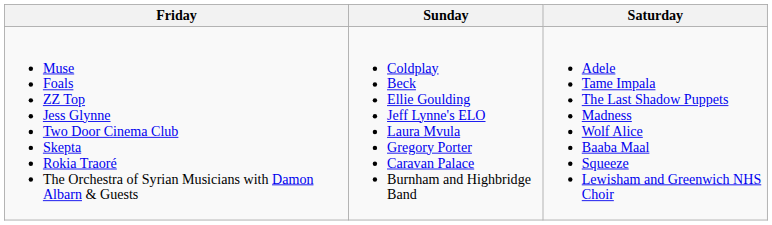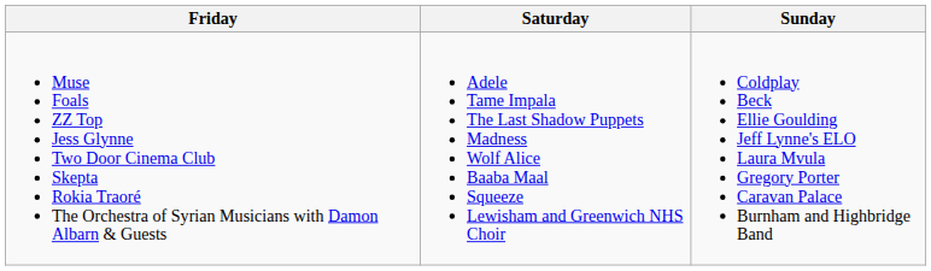 <table class="wikitable">
 <tr>
 <th>Friday</th>
+<th>Saturday</th>
 <th>Sunday</th>
-<th>Saturday</th>
 </tr>
 <tr valign="top">
 <td><br><ul><li><a href='#'>Muse</a></li><li><a href='#'>Foals</a></li><li><a href='#'>ZZ Top</a></li><li><a href='#'>Jess Glynne</a></li><li><a href='#'>Two Door Cinema Club</a></li><li><a href='#'>Skepta</a></li><li><a href='#'>Rokia Traoré</a></li><li>The Orchestra of Syrian Musicians with <a href='#'>Damon Albarn</a> & Guests</li></ul></td>
+<td><br><ul><li><a href='#'>Adele</a></li><li><a href='#'>Tame Impala</a></li><li><a href='#'>The Last Shadow Puppets</a></li><li><a href='#'>Madness</a></li><li><a href='#'>Wolf Alice</a></li><li><a href='#'>Baaba Maal</a></li><li><a href='#'>Squeeze</a></li><li><a href='#'>Lewisham and Greenwich NHS Choir</a></li></ul></td>
 <td><br><ul><li><a href='#'>Coldplay</a></li><li><a href='#'>Beck</a></li><li><a href='#'>Ellie Goulding</a></li><li><a href='#'>Jeff Lynne's ELO</a></li><li><a href='#'>Laura Mvula</a></li><li><a href='#'>Gregory Porter</a></li><li><a href='#'>Caravan Palace</a></li><li>Burnham and Highbridge Band</li></ul></td>
-<td><br><ul><li><a href='#'>Adele</a></li><li><a href='#'>Tame Impala</a></li><li><a href='#'>The Last Shadow Puppets</a></li><li><a href='#'>Madness</a></li><li><a href='#'>Wolf Alice</a></li><li><a href='#'>Baaba Maal</a></li><li><a href='#'>Squeeze</a></li><li><a href='#'>Lewisham and Greenwich NHS Choir</a></li></ul></td>
 </tr>
 </table>
